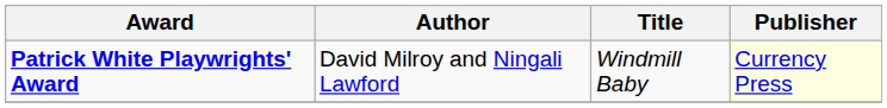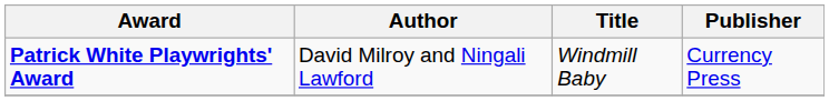 <table class="wikitable" width=100%>
 <tr>
 <th>Award</th>
 <th>Author</th>
 <th>Title</th>
 <th>Publisher</th>
 </tr>
 <tr>
 <td><strong><a href='#'>Patrick White Playwrights' Award</a></strong></td>
 <td>David Milroy and <a href='#'>Ningali Lawford</a></td>
 <td><em>Windmill Baby</em></td>
-<td style="background: lightyellow;"><a href='#'>Currency Press</a></td>
+<td><a href='#'>Currency Press</a></td>
 </tr>
 <tr>
 </tr>
 </table>
